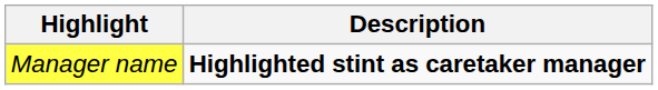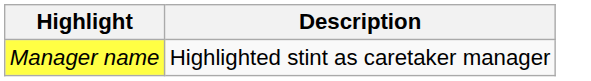 <table Class="wikitable">
 <tr>
 <th scope=col>Highlight</th>
 <th scope=col>Description</th>
 </tr>
 <tr>
 <td style="background:#ff4;"><em>Manager name</em></td>
-<td><strong>Highlighted stint as caretaker manager</strong></td>
+<td>Highlighted stint as caretaker manager</td>
 </tr>
 </table>
